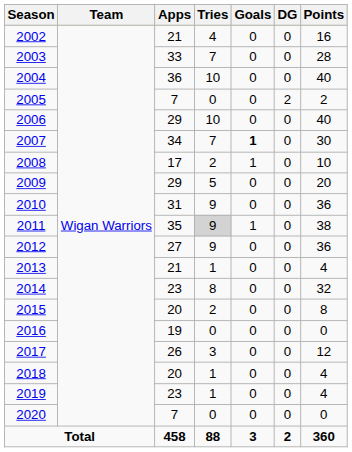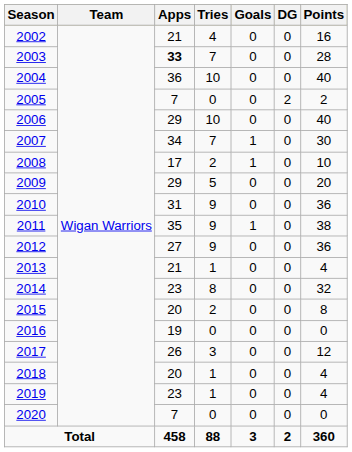 <table class="wikitable" style="text-align:center;">
 <tr style="background:#bdb76b;">
 <th>Season</th>
 <th>Team</th>
 <th>Apps</th>
 <th>Tries</th>
 <th>Goals</th>
 <th>DG</th>
 <th>Points</th>
 </tr>
 <tr>
 <td><a href='#'>2002</a></td>
 <td rowspan="19"><a href='#'>Wigan Warriors</a></td>
 <td>21</td>
 <td>4</td>
 <td>0</td>
 <td>0</td>
 <td>16</td>
 </tr>
 <tr>
 <td><a href='#'>2003</a></td>
-<td>33</td>
+<td><strong>33</strong></td>
 <td>7</td>
 <td>0</td>
 <td>0</td>
 <td>28</td>
 </tr>
 <tr>
 <td><a href='#'>2004</a></td>
 <td>36</td>
 <td>10</td>
 <td>0</td>
 <td>0</td>
 <td>40</td>
 </tr>
 <tr>
 <td><a href='#'>2005</a></td>
 <td>7</td>
 <td>0</td>
 <td>0</td>
 <td>2</td>
 <td>2</td>
 </tr>
 <tr>
 <td><a href='#'>2006</a></td>
 <td>29</td>
 <td>10</td>
 <td>0</td>
 <td>0</td>
 <td>40</td>
 </tr>
 <tr>
 <td><a href='#'>2007</a></td>
 <td>34</td>
 <td>7</td>
-<td><strong>1</strong></td>
+<td>1</td>
 <td>0</td>
 <td>30</td>
 </tr>
 <tr>
 <td><a href='#'>2008</a></td>
 <td>17</td>
 <td>2</td>
 <td>1</td>
 <td>0</td>
 <td>10</td>
 </tr>
 <tr>
 <td><a href='#'>2009</a></td>
 <td>29</td>
 <td>5</td>
 <td>0</td>
 <td>0</td>
 <td>20</td>
 </tr>
 <tr>
 <td><a href='#'>2010</a></td>
 <td>31</td>
 <td>9</td>
 <td>0</td>
 <td>0</td>
 <td>36</td>
 </tr>
 <tr>
 <td><a href='#'>2011</a></td>
 <td>35</td>
-<td style="background: lightgrey;">9</td>
+<td>9</td>
 <td>1</td>
 <td>0</td>
 <td>38</td>
 </tr>
 <tr>
 <td><a href='#'>2012</a></td>
 <td>27</td>
 <td>9</td>
 <td>0</td>
 <td>0</td>
 <td>36</td>
 </tr>
 <tr>
 <td><a href='#'>2013</a></td>
 <td>21</td>
 <td>1</td>
 <td>0</td>
 <td>0</td>
 <td>4</td>
 </tr>
 <tr>
 <td><a href='#'>2014</a></td>
 <td>23</td>
 <td>8</td>
 <td>0</td>
 <td>0</td>
 <td>32</td>
 </tr>
 <tr>
 <td><a href='#'>2015</a></td>
 <td>20</td>
 <td>2</td>
 <td>0</td>
 <td>0</td>
 <td>8</td>
 </tr>
 <tr>
 <td><a href='#'>2016</a></td>
 <td>19</td>
 <td>0</td>
 <td>0</td>
 <td>0</td>
 <td>0</td>
 </tr>
 <tr>
 <td><a href='#'>2017</a></td>
 <td>26</td>
 <td>3</td>
 <td>0</td>
 <td>0</td>
 <td>12</td>
 </tr>
 <tr>
 <td><a href='#'>2018</a></td>
 <td>20</td>
 <td>1</td>
 <td>0</td>
 <td>0</td>
 <td>4</td>
 </tr>
 <tr>
 <td><a href='#'>2019</a></td>
 <td>23</td>
 <td>1</td>
 <td>0</td>
 <td>0</td>
 <td>4</td>
 </tr>
 <tr>
 <td><a href='#'>2020</a></td>
 <td>7</td>
 <td>0</td>
 <td>0</td>
 <td>0</td>
 <td>0</td>
 </tr>
 <tr>
 <td colspan="2"><strong>Total</strong></td>
 <td><strong>458</strong></td>
 <td><strong>88</strong></td>
 <td><strong>3</strong></td>
 <td><strong>2</strong></td>
 <td><strong>360</strong></td>
 </tr>
 </table>
